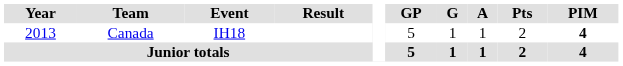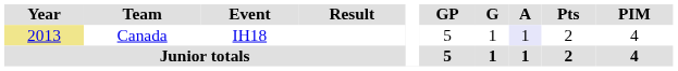 <table border="0" cellpadding="1" cellspacing="0" style="text-align:center; width:40em;">
 <tr bgcolor="#e0e0e0">
 <th>Year</th>
 <th>Team</th>
 <th>Event</th>
 <th>Result</th>
 <th rowspan="99" bgcolor="#ffffff"> </th>
 <th>GP</th>
 <th>G</th>
 <th>A</th>
 <th>Pts</th>
 <th>PIM</th>
 </tr>
 <tr>
-<td><a href='#'>2013</a></td>
+<td style="background: khaki;"><a href='#'>2013</a></td>
 <td><a href='#'>Canada</a></td>
 <td><a href='#'>IH18</a></td>
 <td></td>
 <td>5</td>
 <td>1</td>
-<td>1</td>
+<td style="background: lavender;">1</td>
 <td>2</td>
-<td><strong>4</strong></td>
+<td>4</td>
 </tr>
 <tr bgcolor="#e0e0e0">
 <th colspan="4">Junior totals</th>
 <th>5</th>
 <th>1</th>
 <th>1</th>
 <th>2</th>
 <th>4</th>
 </tr>
 </table>
